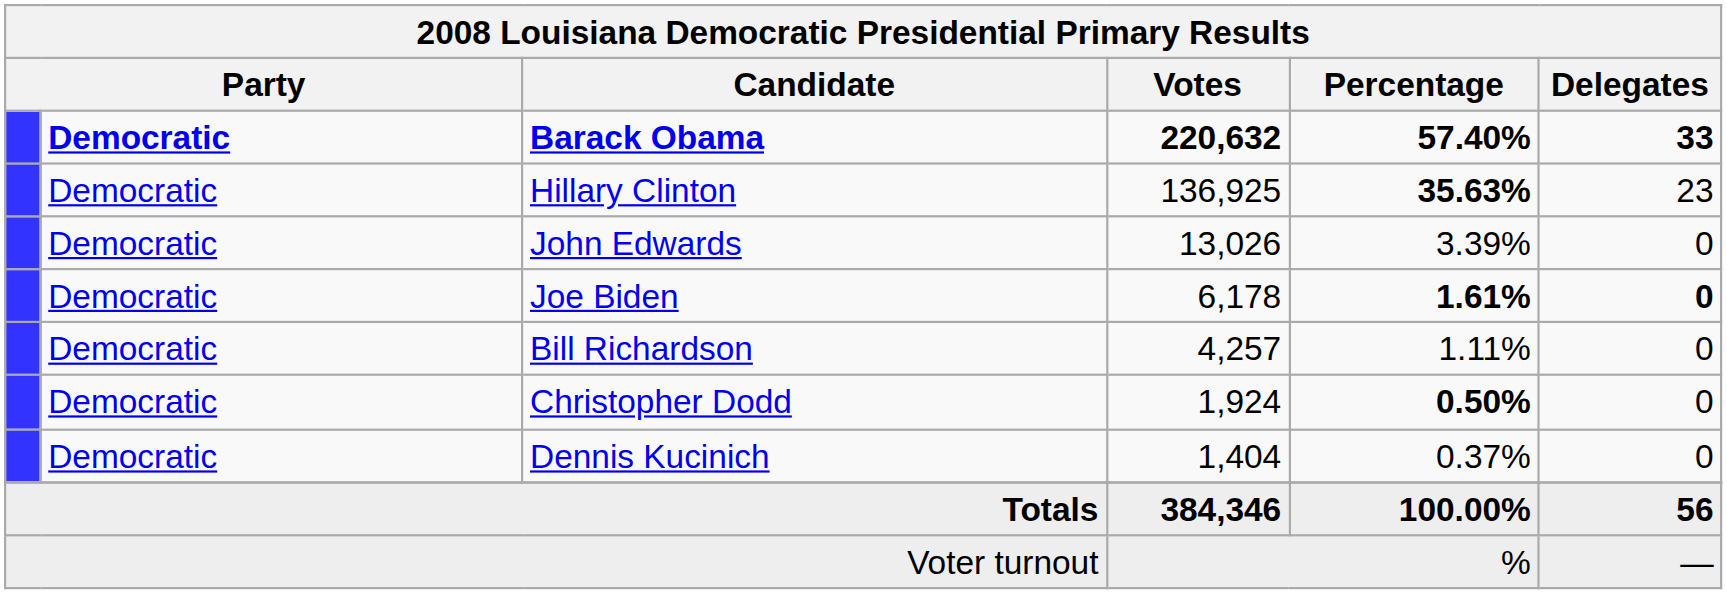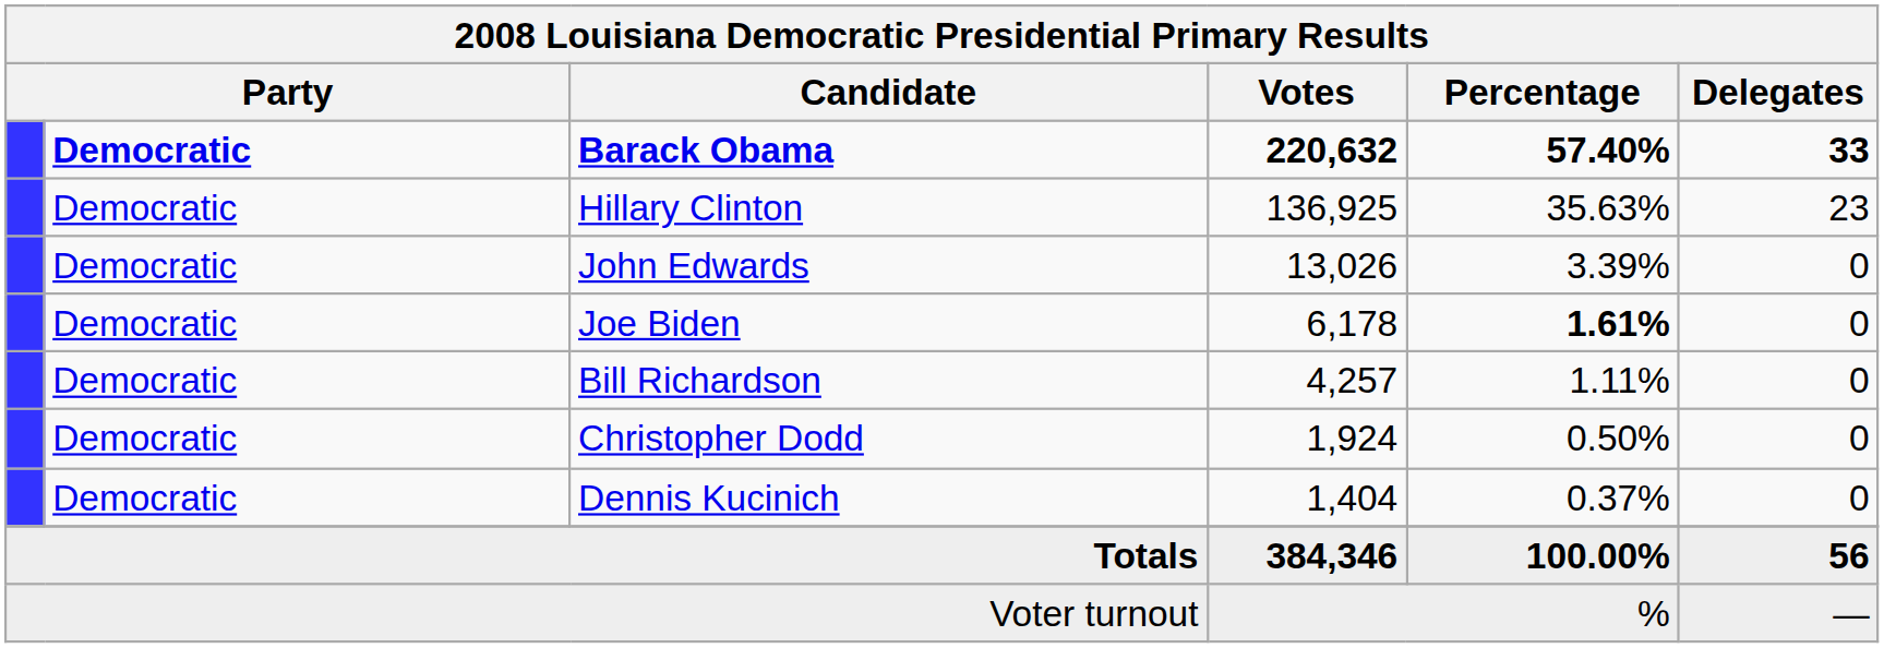 <table class="wikitable" style="font-size:95%;">
 <tr>
 <th colspan="7">2008 Louisiana Democratic Presidential Primary Results</th>
 </tr>
 <tr>
 <th colspan="2" style="width: 15em">Party</th>
 <th style="width: 17em">Candidate</th>
 <th style="width: 5em">Votes</th>
 <th style="width: 7em">Percentage</th>
 <th style="width: 5em">Delegates</th>
 </tr>
 <tr>
 <th style="background-color:#3333FF; width: 3px"></th>
 <td style="width: 130px"><strong><a href='#'>Democratic</a></strong></td>
 <td><strong><a href='#'>Barack Obama</a></strong></td>
 <td align="right"><strong>220,632</strong></td>
 <td align="right"><strong>57.40%</strong></td>
 <td align="right"><strong>33</strong></td>
 </tr>
 <tr>
 <th style="background-color:#3333FF; width: 3px"></th>
 <td style="width: 130px"><a href='#'>Democratic</a></td>
 <td><a href='#'>Hillary Clinton</a></td>
 <td align="right">136,925</td>
-<td align="right"><strong>35.63%</strong></td>
+<td align="right">35.63%</td>
 <td align="right">23</td>
 </tr>
 <tr>
 <th style="background-color:#3333FF; width: 3px"></th>
 <td style="width: 130px"><a href='#'>Democratic</a></td>
 <td><a href='#'>John Edwards</a></td>
 <td align="right">13,026</td>
 <td align="right">3.39%</td>
 <td align="right">0</td>
 </tr>
 <tr>
 <th style="background-color:#3333FF; width: 3px"></th>
 <td style="width: 130px"><a href='#'>Democratic</a></td>
 <td><a href='#'>Joe Biden</a></td>
 <td align="right">6,178</td>
 <td align="right"><strong>1.61%</strong></td>
-<td align="right"><strong>0</strong></td>
+<td align="right">0</td>
 </tr>
 <tr>
 <th style="background-color:#3333FF; width: 3px"></th>
 <td style="width: 130px"><a href='#'>Democratic</a></td>
 <td><a href='#'>Bill Richardson</a></td>
 <td align="right">4,257</td>
 <td align="right">1.11%</td>
 <td align="right">0</td>
 </tr>
 <tr>
 <th style="background-color:#3333FF; width: 3px"></th>
 <td style="width: 130px"><a href='#'>Democratic</a></td>
 <td><a href='#'>Christopher Dodd</a></td>
 <td align="right">1,924</td>
-<td align="right"><strong>0.50%</strong></td>
+<td align="right">0.50%</td>
 <td align="right">0</td>
 </tr>
 <tr>
 <th style="background-color:#3333FF; width: 3px"></th>
 <td style="width: 130px"><a href='#'>Democratic</a></td>
 <td><a href='#'>Dennis Kucinich</a></td>
 <td align="right">1,404</td>
 <td align="right">0.37%</td>
 <td align="right">0</td>
 </tr>
 <tr>
 </tr>
 <tr bgcolor="#EEEEEE">
 <td colspan="3" align="right"><strong>Totals</strong></td>
 <td align="right"><strong>384,346</strong></td>
 <td align="right"><strong>100.00%</strong></td>
 <td align="right"><strong>56</strong></td>
 </tr>
 <tr bgcolor="#EEEEEE">
 <td colspan="3" align="right">Voter turnout</td>
 <td colspan="2" align="right">%</td>
 <td align="right">—</td>
 </tr>
 </table>
